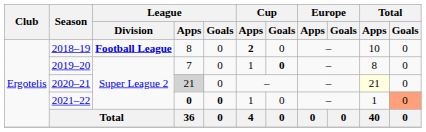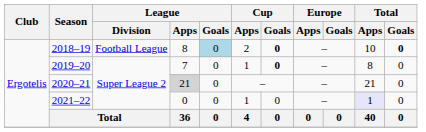 <table class="wikitable" style="text-align: center;">
 <tr>
 <th rowspan="2">Club</th>
 <th rowspan="2">Season</th>
 <th colspan="3">League</th>
 <th colspan="2">Cup</th>
 <th colspan="2">Europe</th>
 <th colspan="2">Total</th>
 </tr>
 <tr>
 <th>Division</th>
 <th>Apps</th>
 <th>Goals</th>
 <th>Apps</th>
 <th>Goals</th>
 <th>Apps</th>
 <th>Goals</th>
 <th>Apps</th>
 <th>Goals</th>
 </tr>
 <tr>
 <td rowspan="5" valign="center"><a href='#'>Ergotelis</a></td>
 <td><a href='#'>2018–19</a></td>
-<td><strong><a href='#'>Football League</a></strong></td>
+<td><a href='#'>Football League</a></td>
 <td>8</td>
-<td>0</td>
-<td><strong>2</strong></td>
-<td>0</td>
+<td style="background: lightblue;">0</td>
+<td>2</td>
+<td><strong>0</strong></td>
 <td colspan="2">–</td>
 <td>10</td>
-<td>0</td>
+<td><strong>0</strong></td>
 </tr>
 <tr>
 <td><a href='#'>2019–20</a></td>
 <td rowspan="3" valign="center"><a href='#'>Super League 2</a></td>
 <td>7</td>
 <td>0</td>
 <td>1</td>
 <td><strong>0</strong></td>
 <td colspan="2">–</td>
 <td>8</td>
 <td>0</td>
 </tr>
 <tr>
 <td><a href='#'>2020–21</a></td>
 <td style="background: lightgrey;">21</td>
 <td>0</td>
 <td colspan="2">–</td>
 <td colspan="2">–</td>
-<td style="background: lightyellow;">21</td>
+<td>21</td>
 <td>0</td>
 </tr>
 <tr>
 <td><a href='#'>2021–22</a></td>
-<td><strong>0</strong></td>
-<td><strong>0</strong></td>
+<td>0</td>
+<td>0</td>
 <td>1</td>
 <td>0</td>
 <td colspan="2">–</td>
-<td>1</td>
-<td style="background: lightsalmon;">0</td>
+<td style="background: lavender;">1</td>
+<td>0</td>
 </tr>
 <tr>
 <th colspan="2">Total</th>
 <th>36</th>
 <th>0</th>
 <th>4</th>
 <th>0</th>
 <th>0</th>
 <th>0</th>
 <th>40</th>
 <th>0</th>
 </tr>
 <tr>
 </tr>
 </table>
